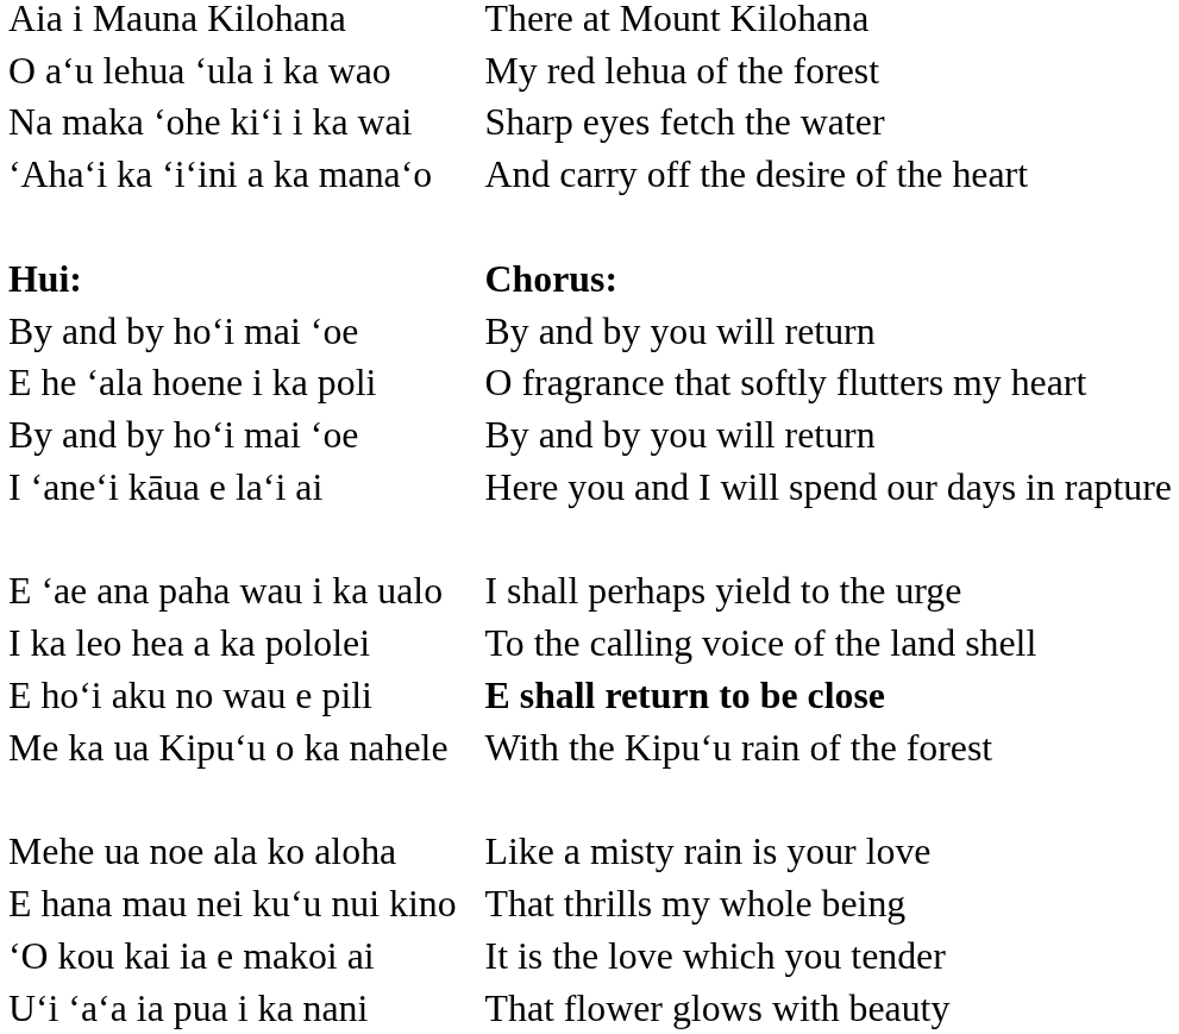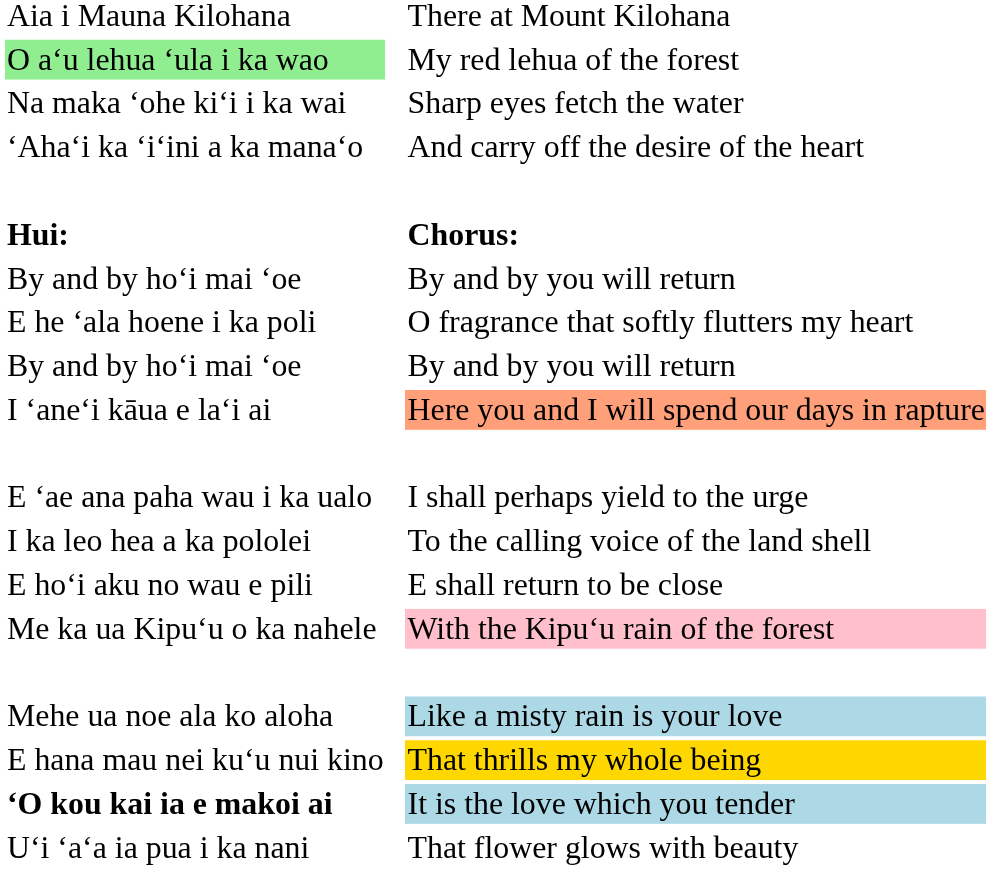 <table>
 <tr>
 <td>Aia i Mauna Kilohana</td>
 <td rowspan=99> </td>
 <td>There at Mount Kilohana</td>
 </tr>
 <tr>
-<td>O aʻu lehua ʻula i ka wao</td>
+<td style="background: lightgreen;">O aʻu lehua ʻula i ka wao</td>
 <td>My red lehua of the forest</td>
 </tr>
 <tr>
 <td>Na maka ʻohe kiʻi i ka wai</td>
 <td>Sharp eyes fetch the water</td>
 </tr>
 <tr>
 <td>ʻAhaʻi ka ʻiʻini a ka manaʻo</td>
 <td>And carry off the desire of the heart</td>
 </tr>
 <tr>
 <td> </td>
 <td> </td>
 </tr>
 <tr>
 <td><strong>Hui:</strong></td>
 <td><strong>Chorus:</strong></td>
 </tr>
 <tr>
 <td>By and by hoʻi mai ʻoe</td>
 <td>By and by you will return</td>
 </tr>
 <tr>
 <td>E he ʻala hoene i ka poli</td>
 <td>O fragrance that softly flutters my heart</td>
 </tr>
 <tr>
 <td>By and by hoʻi mai ʻoe</td>
 <td>By and by you will return</td>
 </tr>
 <tr>
 <td>I ʻaneʻi kāua e laʻi ai</td>
-<td>Here you and I will spend our days in rapture</td>
+<td style="background: lightsalmon;">Here you and I will spend our days in rapture</td>
 </tr>
 <tr>
 <td> </td>
 <td> </td>
 </tr>
 <tr>
 <td>E ʻae ana paha wau i ka ualo</td>
 <td>I shall perhaps yield to the urge</td>
 </tr>
 <tr>
 <td>I ka leo hea a ka pololei</td>
 <td>To the calling voice of the land shell</td>
 </tr>
 <tr>
 <td>E hoʻi aku no wau e pili</td>
-<td><strong>E shall return to be close</strong></td>
+<td>E shall return to be close</td>
 </tr>
 <tr>
 <td>Me ka ua Kipuʻu o ka nahele</td>
-<td>With the Kipuʻu rain of the forest</td>
+<td style="background: pink;">With the Kipuʻu rain of the forest</td>
 </tr>
 <tr>
 <td> </td>
 <td> </td>
 </tr>
 <tr>
 <td>Mehe ua noe ala ko aloha</td>
-<td>Like a misty rain is your love</td>
+<td style="background: lightblue;">Like a misty rain is your love</td>
 </tr>
 <tr>
 <td>E hana mau nei kuʻu nui kino</td>
-<td>That thrills my whole being</td>
+<td style="background: gold;">That thrills my whole being</td>
 </tr>
 <tr>
-<td>ʻO kou kai ia e makoi ai</td>
-<td>It is the love which you tender</td>
+<td><strong>ʻO kou kai ia e makoi ai</strong></td>
+<td style="background: lightblue;">It is the love which you tender</td>
 </tr>
 <tr>
 <td>Uʻi ʻaʻa ia pua i ka nani</td>
 <td>That flower glows with beauty</td>
 </tr>
 </table>
